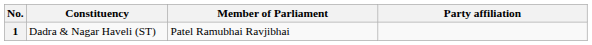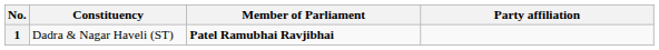 <table class="wikitable sortable">
 <tr style="text-align:center;">
 <th>No.</th>
 <th style="width:12em">Constituency</th>
 <th style="width:18em">Member of Parliament</th>
 <th colspan="2" style="width:18em">Party affiliation</th>
 </tr>
 <tr>
 <th>1</th>
 <td>Dadra & Nagar Haveli (ST)</td>
-<td>Patel Ramubhai Ravjibhai</td>
+<td><strong>Patel Ramubhai Ravjibhai</strong></td>
 <td></td>
 </tr>
 </table>
